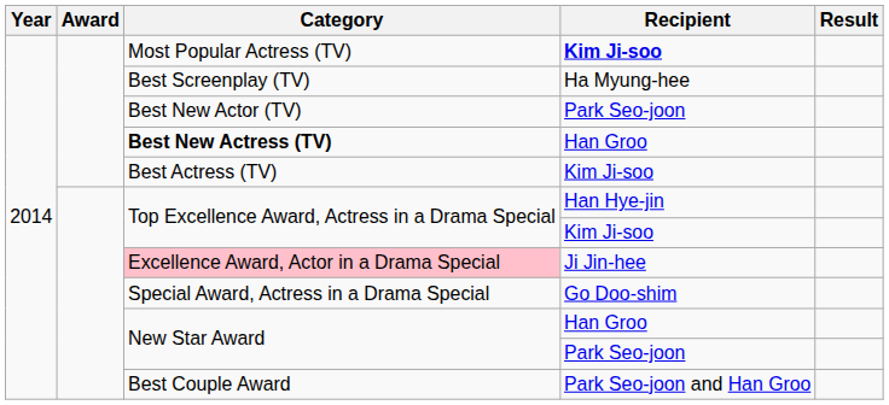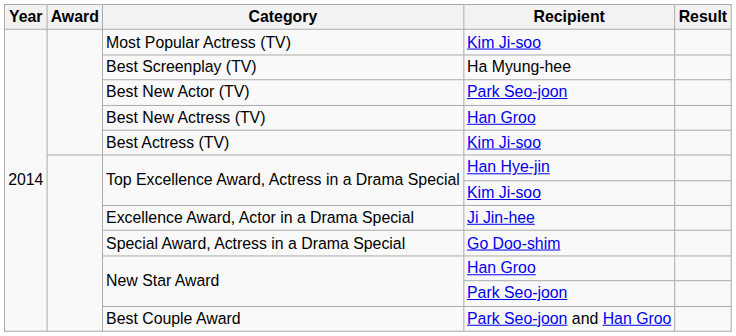 <table class="wikitable">
 <tr>
 <th>Year</th>
 <th>Award</th>
 <th>Category</th>
 <th>Recipient</th>
 <th>Result</th>
 </tr>
 <tr>
 <td rowspan=12>2014</td>
 <td rowspan=5></td>
 <td>Most Popular Actress (TV)</td>
-<td><strong><a href='#'>Kim Ji-soo</a></strong></td>
+<td><a href='#'>Kim Ji-soo</a></td>
 <td></td>
 </tr>
 <tr>
 <td>Best Screenplay (TV)</td>
 <td>Ha Myung-hee</td>
 <td></td>
 </tr>
 <tr>
 <td>Best New Actor (TV)</td>
 <td><a href='#'>Park Seo-joon</a></td>
 <td></td>
 </tr>
 <tr>
-<td><strong>Best New Actress (TV)</strong></td>
+<td>Best New Actress (TV)</td>
 <td><a href='#'>Han Groo</a></td>
 <td></td>
 </tr>
 <tr>
 <td>Best Actress (TV)</td>
 <td><a href='#'>Kim Ji-soo</a></td>
 <td></td>
 </tr>
 <tr>
 <td rowspan=7></td>
 <td rowspan=2>Top Excellence Award, Actress in a Drama Special</td>
 <td><a href='#'>Han Hye-jin</a></td>
 <td></td>
 </tr>
 <tr>
 <td><a href='#'>Kim Ji-soo</a></td>
 <td></td>
 </tr>
 <tr>
-<td style="background: pink;">Excellence Award, Actor in a Drama Special</td>
+<td>Excellence Award, Actor in a Drama Special</td>
 <td><a href='#'>Ji Jin-hee</a></td>
 <td></td>
 </tr>
 <tr>
 <td>Special Award, Actress in a Drama Special</td>
 <td><a href='#'>Go Doo-shim</a></td>
 <td></td>
 </tr>
 <tr>
 <td rowspan=2>New Star Award</td>
 <td><a href='#'>Han Groo</a></td>
 <td></td>
 </tr>
 <tr>
 <td><a href='#'>Park Seo-joon</a></td>
 <td></td>
 </tr>
 <tr>
 <td>Best Couple Award</td>
 <td><a href='#'>Park Seo-joon</a> and <a href='#'>Han Groo</a></td>
 <td></td>
 </tr>
 </table>
